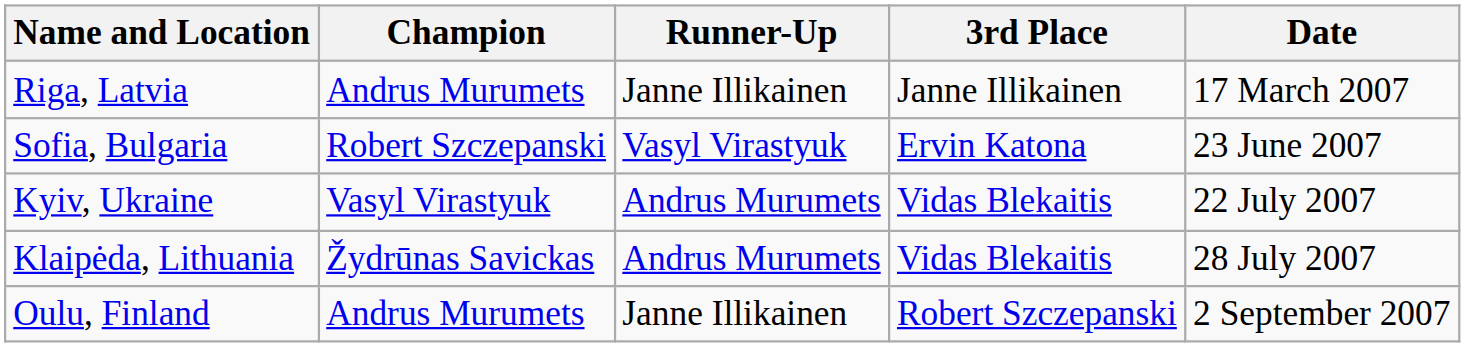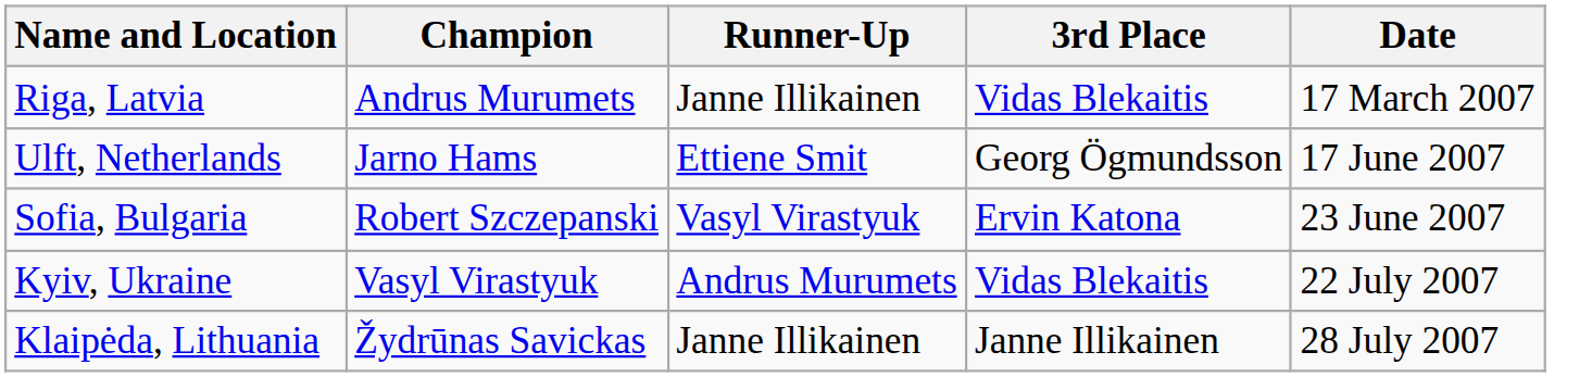 <table class="wikitable" style="display: inline-table">
 <tr>
 <th>Name and Location</th>
 <th>Champion</th>
 <th>Runner-Up</th>
 <th>3rd Place</th>
 <th>Date</th>
 </tr>
 <tr>
 <td> <a href='#'>Riga</a>, <a href='#'>Latvia</a> <br> </td>
 <td> <a href='#'>Andrus Murumets</a></td>
 <td> Janne Illikainen</td>
-<td> Janne Illikainen</td>
+<td> <a href='#'>Vidas Blekaitis</a></td>
 <td>17 March 2007</td>
+</tr>
+<tr>
+<td> <a href='#'>Ulft</a>, <a href='#'>Netherlands</a> <br> </td>
+<td> <a href='#'>Jarno Hams</a></td>
+<td> <a href='#'>Ettiene Smit</a></td>
+<td> Georg Ögmundsson</td>
+<td>17 June 2007</td>
 </tr>
 <tr>
 <td> <a href='#'>Sofia</a>, <a href='#'>Bulgaria</a> <br> </td>
 <td> <a href='#'>Robert Szczepanski</a></td>
 <td> <a href='#'>Vasyl Virastyuk</a></td>
 <td> <a href='#'>Ervin Katona</a></td>
 <td>23 June 2007</td>
 </tr>
 <tr>
 <td> <a href='#'>Kyiv</a>, <a href='#'>Ukraine</a> <br> </td>
 <td> <a href='#'>Vasyl Virastyuk</a></td>
 <td> <a href='#'>Andrus Murumets</a></td>
 <td> <a href='#'>Vidas Blekaitis</a></td>
 <td>22 July 2007</td>
 </tr>
 <tr>
 <td> <a href='#'>Klaipėda</a>, <a href='#'>Lithuania</a> <br> </td>
 <td> <a href='#'>Žydrūnas Savickas</a></td>
-<td> <a href='#'>Andrus Murumets</a></td>
-<td> <a href='#'>Vidas Blekaitis</a></td>
+<td> Janne Illikainen</td>
+<td> Janne Illikainen</td>
 <td>28 July 2007</td>
 </tr>
-<tr>
-<td> <a href='#'>Oulu</a>, <a href='#'>Finland</a> <br> </td>
-<td> <a href='#'>Andrus Murumets</a></td>
-<td> Janne Illikainen</td>
-<td> <a href='#'>Robert Szczepanski</a></td>
-<td>2 September 2007</td>
-</tr>
 </table>
